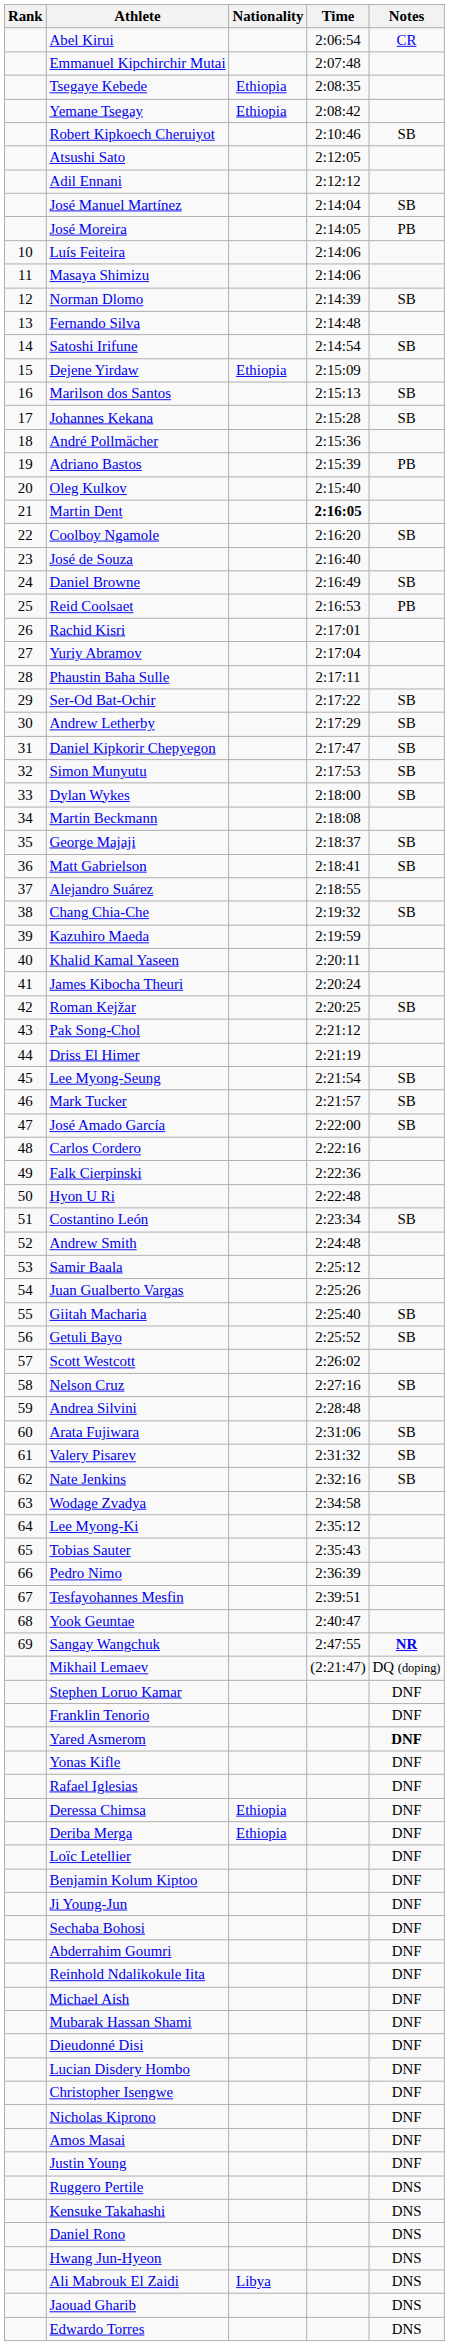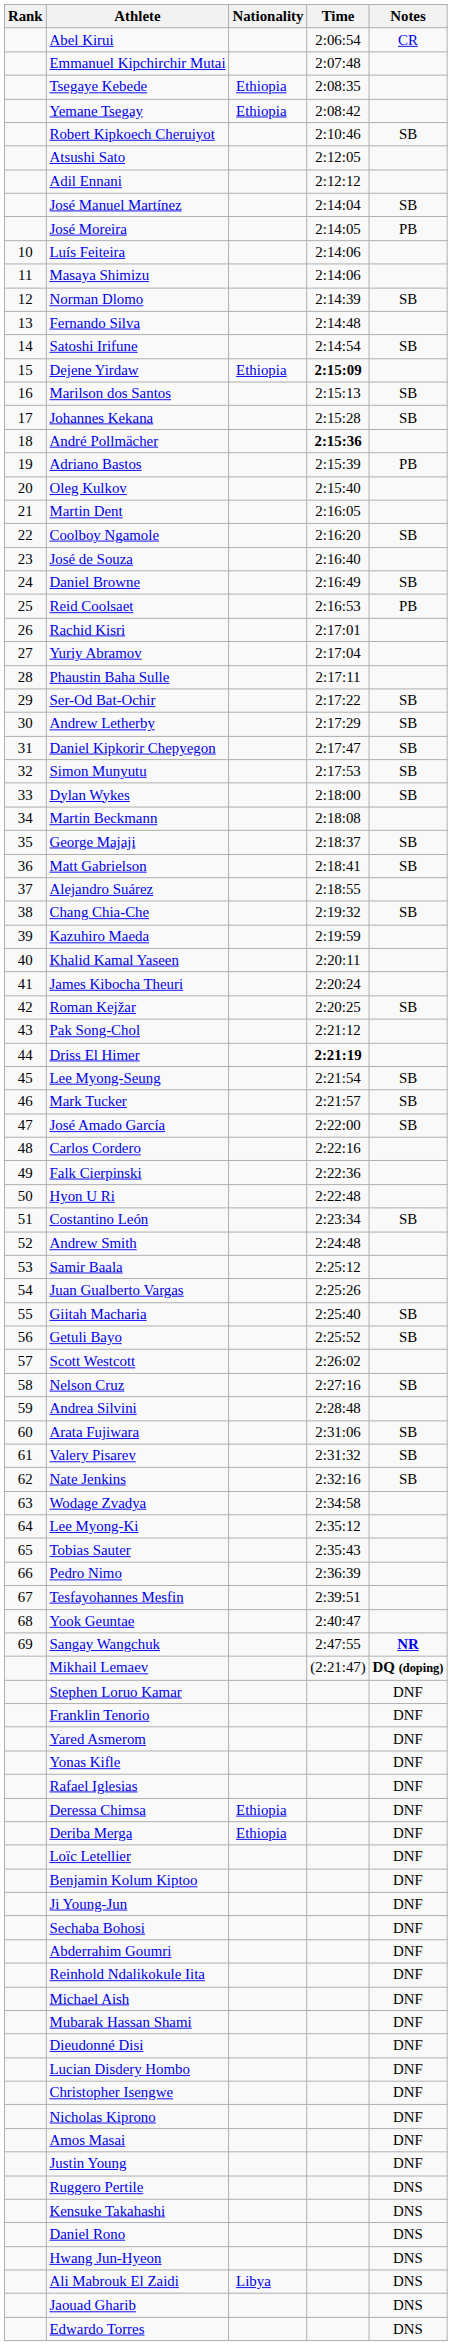 <table class="wikitable sortable" style=text-align:center>
 <tr>
 <th>Rank</th>
 <th>Athlete</th>
 <th>Nationality</th>
 <th>Time</th>
 <th>Notes</th>
 </tr>
 <tr>
 <td></td>
 <td align=left><a href='#'>Abel Kirui</a></td>
 <td align=left></td>
 <td>2:06:54</td>
 <td><a href='#'>CR</a></td>
 </tr>
 <tr>
 <td></td>
 <td align=left><a href='#'>Emmanuel Kipchirchir Mutai</a></td>
 <td align=left></td>
 <td>2:07:48</td>
 <td></td>
 </tr>
 <tr>
 <td></td>
 <td align=left><a href='#'>Tsegaye Kebede</a></td>
 <td align=left> <a href='#'>Ethiopia</a></td>
 <td>2:08:35</td>
 <td></td>
 </tr>
 <tr>
 <td></td>
 <td align=left><a href='#'>Yemane Tsegay</a></td>
 <td align=left> <a href='#'>Ethiopia</a></td>
 <td>2:08:42</td>
 <td></td>
 </tr>
 <tr>
 <td></td>
 <td align=left><a href='#'>Robert Kipkoech Cheruiyot</a></td>
 <td align=left></td>
 <td>2:10:46</td>
 <td>SB</td>
 </tr>
 <tr>
 <td></td>
 <td align=left><a href='#'>Atsushi Sato</a></td>
 <td align=left></td>
 <td>2:12:05</td>
 <td></td>
 </tr>
 <tr>
 <td></td>
 <td align=left><a href='#'>Adil Ennani</a></td>
 <td align=left></td>
 <td>2:12:12</td>
 <td></td>
 </tr>
 <tr>
 <td></td>
 <td align=left><a href='#'>José Manuel Martínez</a></td>
 <td align=left></td>
 <td>2:14:04</td>
 <td>SB</td>
 </tr>
 <tr>
 <td></td>
 <td align=left><a href='#'>José Moreira</a></td>
 <td align=left></td>
 <td>2:14:05</td>
 <td>PB</td>
 </tr>
 <tr>
 <td>10</td>
 <td align=left><a href='#'>Luís Feiteira</a></td>
 <td align=left></td>
 <td>2:14:06</td>
 <td></td>
 </tr>
 <tr>
 <td>11</td>
 <td align=left><a href='#'>Masaya Shimizu</a></td>
 <td align=left></td>
 <td>2:14:06</td>
 <td></td>
 </tr>
 <tr>
 <td>12</td>
 <td align=left><a href='#'>Norman Dlomo</a></td>
 <td align=left></td>
 <td>2:14:39</td>
 <td>SB</td>
 </tr>
 <tr>
 <td>13</td>
 <td align=left><a href='#'>Fernando Silva</a></td>
 <td align=left></td>
 <td>2:14:48</td>
 <td></td>
 </tr>
 <tr>
 <td>14</td>
 <td align=left><a href='#'>Satoshi Irifune</a></td>
 <td align=left></td>
 <td>2:14:54</td>
 <td>SB</td>
 </tr>
 <tr>
 <td>15</td>
 <td align=left><a href='#'>Dejene Yirdaw</a></td>
 <td align=left> <a href='#'>Ethiopia</a></td>
-<td>2:15:09</td>
+<td><strong>2:15:09</strong></td>
 <td></td>
 </tr>
 <tr>
 <td>16</td>
 <td align=left><a href='#'>Marilson dos Santos</a></td>
 <td align=left></td>
 <td>2:15:13</td>
 <td>SB</td>
 </tr>
 <tr>
 <td>17</td>
 <td align=left><a href='#'>Johannes Kekana</a></td>
 <td align=left></td>
 <td>2:15:28</td>
 <td>SB</td>
 </tr>
 <tr>
 <td>18</td>
 <td align=left><a href='#'>André Pollmächer</a></td>
 <td align=left></td>
-<td>2:15:36</td>
+<td><strong>2:15:36</strong></td>
 <td></td>
 </tr>
 <tr>
 <td>19</td>
 <td align=left><a href='#'>Adriano Bastos</a></td>
 <td align=left></td>
 <td>2:15:39</td>
 <td>PB</td>
 </tr>
 <tr>
 <td>20</td>
 <td align=left><a href='#'>Oleg Kulkov</a></td>
 <td align=left></td>
 <td>2:15:40</td>
 <td></td>
 </tr>
 <tr>
 <td>21</td>
 <td align=left><a href='#'>Martin Dent</a></td>
 <td align=left></td>
-<td><strong>2:16:05</strong></td>
+<td>2:16:05</td>
 <td></td>
 </tr>
 <tr>
 <td>22</td>
 <td align=left><a href='#'>Coolboy Ngamole</a></td>
 <td align=left></td>
 <td>2:16:20</td>
 <td>SB</td>
 </tr>
 <tr>
 <td>23</td>
 <td align=left><a href='#'>José de Souza</a></td>
 <td align=left></td>
 <td>2:16:40</td>
 <td></td>
 </tr>
 <tr>
 <td>24</td>
 <td align=left><a href='#'>Daniel Browne</a></td>
 <td align=left></td>
 <td>2:16:49</td>
 <td>SB</td>
 </tr>
 <tr>
 <td>25</td>
 <td align=left><a href='#'>Reid Coolsaet</a></td>
 <td align=left></td>
 <td>2:16:53</td>
 <td>PB</td>
 </tr>
 <tr>
 <td>26</td>
 <td align=left><a href='#'>Rachid Kisri</a></td>
 <td align=left></td>
 <td>2:17:01</td>
 <td></td>
 </tr>
 <tr>
 <td>27</td>
 <td align=left><a href='#'>Yuriy Abramov</a></td>
 <td align=left></td>
 <td>2:17:04</td>
 <td></td>
 </tr>
 <tr>
 <td>28</td>
 <td align=left><a href='#'>Phaustin Baha Sulle</a></td>
 <td align=left></td>
 <td>2:17:11</td>
 <td></td>
 </tr>
 <tr>
 <td>29</td>
 <td align=left><a href='#'>Ser-Od Bat-Ochir</a></td>
 <td align=left></td>
 <td>2:17:22</td>
 <td>SB</td>
 </tr>
 <tr>
 <td>30</td>
 <td align=left><a href='#'>Andrew Letherby</a></td>
 <td align=left></td>
 <td>2:17:29</td>
 <td>SB</td>
 </tr>
 <tr>
 <td>31</td>
 <td align=left><a href='#'>Daniel Kipkorir Chepyegon</a></td>
 <td align=left></td>
 <td>2:17:47</td>
 <td>SB</td>
 </tr>
 <tr>
 <td>32</td>
 <td align=left><a href='#'>Simon Munyutu</a></td>
 <td align=left></td>
 <td>2:17:53</td>
 <td>SB</td>
 </tr>
 <tr>
 <td>33</td>
 <td align=left><a href='#'>Dylan Wykes</a></td>
 <td align=left></td>
 <td>2:18:00</td>
 <td>SB</td>
 </tr>
 <tr>
 <td>34</td>
 <td align=left><a href='#'>Martin Beckmann</a></td>
 <td align=left></td>
 <td>2:18:08</td>
 <td></td>
 </tr>
 <tr>
 <td>35</td>
 <td align=left><a href='#'>George Majaji</a></td>
 <td align=left></td>
 <td>2:18:37</td>
 <td>SB</td>
 </tr>
 <tr>
 <td>36</td>
 <td align=left><a href='#'>Matt Gabrielson</a></td>
 <td align=left></td>
 <td>2:18:41</td>
 <td>SB</td>
 </tr>
 <tr>
 <td>37</td>
 <td align=left><a href='#'>Alejandro Suárez</a></td>
 <td align=left></td>
 <td>2:18:55</td>
 <td></td>
 </tr>
 <tr>
 <td>38</td>
 <td align=left><a href='#'>Chang Chia-Che</a></td>
 <td align=left></td>
 <td>2:19:32</td>
 <td>SB</td>
 </tr>
 <tr>
 <td>39</td>
 <td align=left><a href='#'>Kazuhiro Maeda</a></td>
 <td align=left></td>
 <td>2:19:59</td>
 <td></td>
 </tr>
 <tr>
 <td>40</td>
 <td align=left><a href='#'>Khalid Kamal Yaseen</a></td>
 <td align=left></td>
 <td>2:20:11</td>
 <td></td>
 </tr>
 <tr>
 <td>41</td>
 <td align=left><a href='#'>James Kibocha Theuri</a></td>
 <td align=left></td>
 <td>2:20:24</td>
 <td></td>
 </tr>
 <tr>
 <td>42</td>
 <td align=left><a href='#'>Roman Kejžar</a></td>
 <td align=left></td>
 <td>2:20:25</td>
 <td>SB</td>
 </tr>
 <tr>
 <td>43</td>
 <td align=left><a href='#'>Pak Song-Chol</a></td>
 <td align=left></td>
 <td>2:21:12</td>
 <td></td>
 </tr>
 <tr>
 <td>44</td>
 <td align=left><a href='#'>Driss El Himer</a></td>
 <td align=left></td>
-<td>2:21:19</td>
+<td><strong>2:21:19</strong></td>
 <td></td>
 </tr>
 <tr>
 <td>45</td>
 <td align=left><a href='#'>Lee Myong-Seung</a></td>
 <td align=left></td>
 <td>2:21:54</td>
 <td>SB</td>
 </tr>
 <tr>
 <td>46</td>
 <td align=left><a href='#'>Mark Tucker</a></td>
 <td align=left></td>
 <td>2:21:57</td>
 <td>SB</td>
 </tr>
 <tr>
 <td>47</td>
 <td align=left><a href='#'>José Amado García</a></td>
 <td align=left></td>
 <td>2:22:00</td>
 <td>SB</td>
 </tr>
 <tr>
 <td>48</td>
 <td align=left><a href='#'>Carlos Cordero</a></td>
 <td align=left></td>
 <td>2:22:16</td>
 <td></td>
 </tr>
 <tr>
 <td>49</td>
 <td align=left><a href='#'>Falk Cierpinski</a></td>
 <td align=left></td>
 <td>2:22:36</td>
 <td></td>
 </tr>
 <tr>
 <td>50</td>
 <td align=left><a href='#'>Hyon U Ri</a></td>
 <td align=left></td>
 <td>2:22:48</td>
 <td></td>
 </tr>
 <tr>
 <td>51</td>
 <td align=left><a href='#'>Costantino León</a></td>
 <td align=left></td>
 <td>2:23:34</td>
 <td>SB</td>
 </tr>
 <tr>
 <td>52</td>
 <td align=left><a href='#'>Andrew Smith</a></td>
 <td align=left></td>
 <td>2:24:48</td>
 <td></td>
 </tr>
 <tr>
 <td>53</td>
 <td align=left><a href='#'>Samir Baala</a></td>
 <td align=left></td>
 <td>2:25:12</td>
 <td></td>
 </tr>
 <tr>
 <td>54</td>
 <td align=left><a href='#'>Juan Gualberto Vargas</a></td>
 <td align=left></td>
 <td>2:25:26</td>
 <td></td>
 </tr>
 <tr>
 <td>55</td>
 <td align=left><a href='#'>Giitah Macharia</a></td>
 <td align=left></td>
 <td>2:25:40</td>
 <td>SB</td>
 </tr>
 <tr>
 <td>56</td>
 <td align=left><a href='#'>Getuli Bayo</a></td>
 <td align=left></td>
 <td>2:25:52</td>
 <td>SB</td>
 </tr>
 <tr>
 <td>57</td>
 <td align=left><a href='#'>Scott Westcott</a></td>
 <td align=left></td>
 <td>2:26:02</td>
 <td></td>
 </tr>
 <tr>
 <td>58</td>
 <td align=left><a href='#'>Nelson Cruz</a></td>
 <td align=left></td>
 <td>2:27:16</td>
 <td>SB</td>
 </tr>
 <tr>
 <td>59</td>
 <td align=left><a href='#'>Andrea Silvini</a></td>
 <td align=left></td>
 <td>2:28:48</td>
 <td></td>
 </tr>
 <tr>
 <td>60</td>
 <td align=left><a href='#'>Arata Fujiwara</a></td>
 <td align=left></td>
 <td>2:31:06</td>
 <td>SB</td>
 </tr>
 <tr>
 <td>61</td>
 <td align=left><a href='#'>Valery Pisarev</a></td>
 <td align=left></td>
 <td>2:31:32</td>
 <td>SB</td>
 </tr>
 <tr>
 <td>62</td>
 <td align=left><a href='#'>Nate Jenkins</a></td>
 <td align=left></td>
 <td>2:32:16</td>
 <td>SB</td>
 </tr>
 <tr>
 <td>63</td>
 <td align=left><a href='#'>Wodage Zvadya</a></td>
 <td align=left></td>
 <td>2:34:58</td>
 <td></td>
 </tr>
 <tr>
 <td>64</td>
 <td align=left><a href='#'>Lee Myong-Ki</a></td>
 <td align=left></td>
 <td>2:35:12</td>
 <td></td>
 </tr>
 <tr>
 <td>65</td>
 <td align=left><a href='#'>Tobias Sauter</a></td>
 <td align=left></td>
 <td>2:35:43</td>
 <td></td>
 </tr>
 <tr>
 <td>66</td>
 <td align=left><a href='#'>Pedro Nimo</a></td>
 <td align=left></td>
 <td>2:36:39</td>
 <td></td>
 </tr>
 <tr>
 <td>67</td>
 <td align=left><a href='#'>Tesfayohannes Mesfin</a></td>
 <td align=left></td>
 <td>2:39:51</td>
 <td></td>
 </tr>
 <tr>
 <td>68</td>
 <td align=left><a href='#'>Yook Geuntae</a></td>
 <td align=left></td>
 <td>2:40:47</td>
 <td></td>
 </tr>
 <tr>
 <td>69</td>
 <td align=left><a href='#'>Sangay Wangchuk</a></td>
 <td align=left></td>
 <td>2:47:55</td>
 <td><strong><a href='#'>NR</a></strong></td>
 </tr>
 <tr>
 <td></td>
 <td align=left><a href='#'>Mikhail Lemaev</a></td>
 <td align=left></td>
 <td> (2:21:47)</td>
-<td>DQ <small>(doping)</small></td>
+<td><strong>DQ <small>(doping)</small></strong></td>
 </tr>
 <tr>
 <td></td>
 <td align=left><a href='#'>Stephen Loruo Kamar</a></td>
 <td align=left></td>
 <td></td>
 <td>DNF</td>
 </tr>
 <tr>
 <td></td>
 <td align=left><a href='#'>Franklin Tenorio</a></td>
 <td align=left></td>
 <td></td>
 <td>DNF</td>
 </tr>
 <tr>
 <td></td>
 <td align=left><a href='#'>Yared Asmerom</a></td>
 <td align=left></td>
 <td></td>
-<td><strong>DNF</strong></td>
+<td>DNF</td>
 </tr>
 <tr>
 <td></td>
 <td align=left><a href='#'>Yonas Kifle</a></td>
 <td align=left></td>
 <td></td>
 <td>DNF</td>
 </tr>
 <tr>
 <td></td>
 <td align=left><a href='#'>Rafael Iglesias</a></td>
 <td align=left></td>
 <td></td>
 <td>DNF</td>
 </tr>
 <tr>
 <td></td>
 <td align=left><a href='#'>Deressa Chimsa</a></td>
 <td align=left> <a href='#'>Ethiopia</a></td>
 <td></td>
 <td>DNF</td>
 </tr>
 <tr>
 <td></td>
 <td align=left><a href='#'>Deriba Merga</a></td>
 <td align=left> <a href='#'>Ethiopia</a></td>
 <td></td>
 <td>DNF</td>
 </tr>
 <tr>
 <td></td>
 <td align=left><a href='#'>Loïc Letellier</a></td>
 <td align=left></td>
 <td></td>
 <td>DNF</td>
 </tr>
 <tr>
 <td></td>
 <td align=left><a href='#'>Benjamin Kolum Kiptoo</a></td>
 <td align=left></td>
 <td></td>
 <td>DNF</td>
 </tr>
 <tr>
 <td></td>
 <td align=left><a href='#'>Ji Young-Jun</a></td>
 <td align=left></td>
 <td></td>
 <td>DNF</td>
 </tr>
 <tr>
 <td></td>
 <td align=left><a href='#'>Sechaba Bohosi</a></td>
 <td align=left></td>
 <td></td>
 <td>DNF</td>
 </tr>
 <tr>
 <td></td>
 <td align=left><a href='#'>Abderrahim Goumri</a></td>
 <td align=left></td>
 <td></td>
 <td>DNF</td>
 </tr>
 <tr>
 <td></td>
 <td align=left><a href='#'>Reinhold Ndalikokule Iita</a></td>
 <td align=left></td>
 <td></td>
 <td>DNF</td>
 </tr>
 <tr>
 <td></td>
 <td align=left><a href='#'>Michael Aish</a></td>
 <td align=left></td>
 <td></td>
 <td>DNF</td>
 </tr>
 <tr>
 <td></td>
 <td align=left><a href='#'>Mubarak Hassan Shami</a></td>
 <td align=left></td>
 <td></td>
 <td>DNF</td>
 </tr>
 <tr>
 <td></td>
 <td align=left><a href='#'>Dieudonné Disi</a></td>
 <td align=left></td>
 <td></td>
 <td>DNF</td>
 </tr>
 <tr>
 <td></td>
 <td align=left><a href='#'>Lucian Disdery Hombo</a></td>
 <td align=left></td>
 <td></td>
 <td>DNF</td>
 </tr>
 <tr>
 <td></td>
 <td align=left><a href='#'>Christopher Isengwe</a></td>
 <td align=left></td>
 <td></td>
 <td>DNF</td>
 </tr>
 <tr>
 <td></td>
 <td align=left><a href='#'>Nicholas Kiprono</a></td>
 <td align=left></td>
 <td></td>
 <td>DNF</td>
 </tr>
 <tr>
 <td></td>
 <td align=left><a href='#'>Amos Masai</a></td>
 <td align=left></td>
 <td></td>
 <td>DNF</td>
 </tr>
 <tr>
 <td></td>
 <td align=left><a href='#'>Justin Young</a></td>
 <td align=left></td>
 <td></td>
 <td>DNF</td>
 </tr>
 <tr>
 <td></td>
 <td align=left><a href='#'>Ruggero Pertile</a></td>
 <td align=left></td>
 <td></td>
 <td>DNS</td>
 </tr>
 <tr>
 <td></td>
 <td align=left><a href='#'>Kensuke Takahashi</a></td>
 <td align=left></td>
 <td></td>
 <td>DNS</td>
 </tr>
 <tr>
 <td></td>
 <td align=left><a href='#'>Daniel Rono</a></td>
 <td align=left></td>
 <td></td>
 <td>DNS</td>
 </tr>
 <tr>
 <td></td>
 <td align=left><a href='#'>Hwang Jun-Hyeon</a></td>
 <td align=left></td>
 <td></td>
 <td>DNS</td>
 </tr>
 <tr>
 <td></td>
 <td align=left><a href='#'>Ali Mabrouk El Zaidi</a></td>
 <td align=left> <a href='#'>Libya</a></td>
 <td></td>
 <td>DNS</td>
 </tr>
 <tr>
 <td></td>
 <td align=left><a href='#'>Jaouad Gharib</a></td>
 <td align=left></td>
 <td></td>
 <td>DNS</td>
 </tr>
 <tr>
 <td></td>
 <td align=left><a href='#'>Edwardo Torres</a></td>
 <td align=left></td>
 <td></td>
 <td>DNS</td>
 </tr>
 </table>
